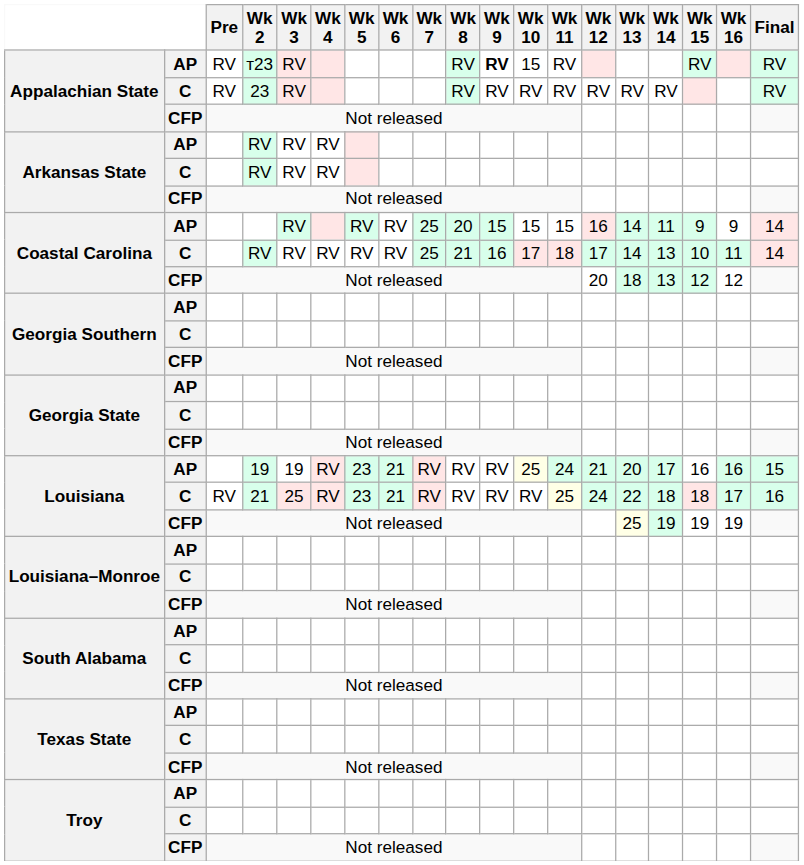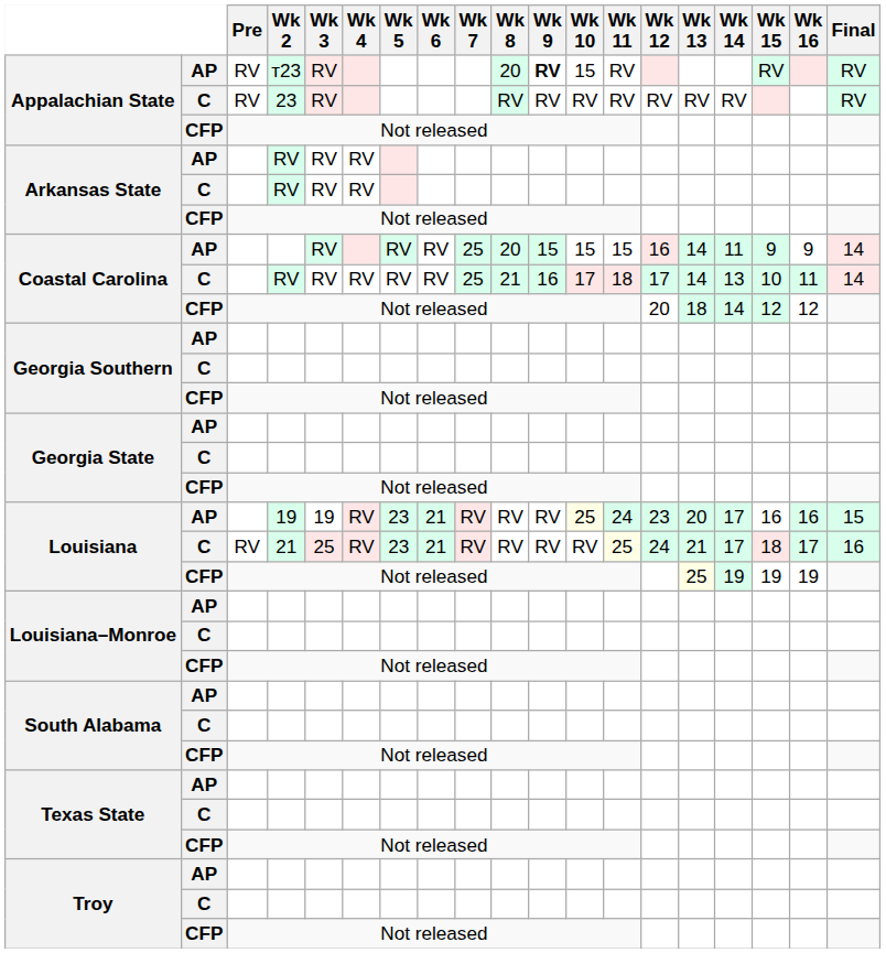 <table class="wikitable" style="white-space:nowrap;font-size:85%;">
 <tr>
 <th colspan=2 style="background:white; border-top-style:hidden; border-left-style:hidden;"> </th>
 <th>Pre</th>
 <th>Wk<br>2</th>
 <th>Wk<br>3</th>
 <th>Wk<br>4</th>
 <th>Wk<br>5</th>
 <th>Wk<br>6</th>
 <th>Wk<br>7</th>
 <th>Wk<br>8</th>
 <th>Wk<br>9</th>
 <th>Wk<br>10</th>
 <th>Wk<br>11</th>
 <th>Wk<br>12</th>
 <th>Wk<br>13</th>
 <th>Wk<br>14</th>
 <th>Wk<br>15</th>
 <th>Wk<br>16</th>
 <th>Final</th>
 </tr>
 <tr style="text-align:center;">
 <th rowspan="3">Appalachian State</th>
 <th>AP</th>
 <td style="background:#FFF;">RV</td>
 <td style="background:#d8ffeb;">т23</td>
 <td style="background:#ffe6e6;">RV</td>
 <td style="background:#ffe6e6;"></td>
 <td style="background:#FFF;"></td>
 <td style="background:#FFF;"></td>
 <td style="background:#FFF;"></td>
-<td style="background:#d8ffeb;">RV</td>
+<td style="background:#d8ffeb;">20</td>
 <td style="background:#FFF;"><strong>RV</strong></td>
 <td style="background:#FFF;">15</td>
 <td style="background:#FFF;">RV</td>
 <td style="background:#ffe6e6;"></td>
 <td style="background:#FFF;"></td>
 <td style="background:#FFF;"></td>
 <td style="background:#d8ffeb;">RV</td>
 <td style="background:#ffe6e6;"></td>
 <td style="background:#d8ffeb;">RV</td>
 </tr>
 <tr style="text-align:center;">
 <th>C</th>
 <td style="background:#FFF;">RV</td>
 <td style="background:#d8ffeb;">23</td>
 <td style="background:#ffe6e6;">RV</td>
 <td style="background:#ffe6e6;"></td>
 <td style="background:#FFF;"></td>
 <td style="background:#FFF;"></td>
 <td style="background:#FFF;"></td>
 <td style="background:#d8ffeb;">RV</td>
 <td style="background:#FFF;">RV</td>
 <td style="background:#FFF;">RV</td>
 <td style="background:#FFF;">RV</td>
 <td style="background:#FFF;">RV</td>
 <td style="background:#FFF;">RV</td>
 <td style="background:#FFF;">RV</td>
 <td style="background:#ffe6e6;"></td>
 <td style="background:#FFF;"></td>
 <td style="background:#d8ffeb;">RV</td>
 </tr>
 <tr style="text-align:center;">
 <th>CFP</th>
 <td colspan="11" style="text-align:center;">Not released</td>
 <td style="background:#FFF;"></td>
 <td style="background:#FFF;"></td>
 <td style="background:#FFF;"></td>
 <td style="background:#FFF;"></td>
 <td style="background:#FFF;"></td>
 <td style="text-align:center;"></td>
 </tr>
 <tr style="text-align:center;">
 <th rowspan="3">Arkansas State</th>
 <th>AP</th>
 <td style="background:#FFF;"></td>
 <td style="background:#d8ffeb;">RV</td>
 <td style="background:#FFF;">RV</td>
 <td style="background:#FFF;">RV</td>
 <td style="background:#ffe6e6;"></td>
 <td style="background:#FFF;"></td>
 <td style="background:#FFF;"></td>
 <td style="background:#FFF;"></td>
 <td style="background:#FFF;"></td>
 <td style="background:#FFF;"></td>
 <td style="background:#FFF;"></td>
 <td style="background:#FFF;"></td>
 <td style="background:#FFF;"></td>
 <td style="background:#FFF;"></td>
 <td style="background:#FFF;"></td>
 <td style="background:#FFF;"></td>
 <td style="background:#FFF;"></td>
 </tr>
 <tr style="text-align:center;">
 <th>C</th>
 <td style="background:#FFF;"></td>
 <td style="background:#d8ffeb;">RV</td>
 <td style="background:#FFF;">RV</td>
 <td style="background:#FFF;">RV</td>
 <td style="background:#ffe6e6;"></td>
 <td style="background:#FFF;"></td>
 <td style="background:#FFF;"></td>
 <td style="background:#FFF;"></td>
 <td style="background:#FFF;"></td>
 <td style="background:#FFF;"></td>
 <td style="background:#FFF;"></td>
 <td style="background:#FFF;"></td>
 <td style="background:#FFF;"></td>
 <td style="background:#FFF;"></td>
 <td style="background:#FFF;"></td>
 <td style="background:#FFF;"></td>
 <td style="background:#FFF;"></td>
 </tr>
 <tr style="text-align:center;">
 <th>CFP</th>
 <td colspan="11" style="text-align:center;">Not released</td>
 <td style="background:#FFF;"></td>
 <td style="background:#FFF;"></td>
 <td style="background:#FFF;"></td>
 <td style="background:#FFF;"></td>
 <td style="background:#FFF;"></td>
 <td style="text-align:center;"></td>
 </tr>
 <tr style="text-align:center;">
 <th rowspan="3">Coastal Carolina</th>
 <th>AP</th>
 <td style="background:#FFF;"></td>
 <td style="background:#FFF;"></td>
 <td style="background:#d8ffeb;">RV</td>
 <td style="background:#ffe6e6;"></td>
 <td style="background:#d8ffeb;">RV</td>
 <td style="background:#FFF;">RV</td>
 <td style="background:#d8ffeb;">25</td>
 <td style="background:#d8ffeb;">20</td>
 <td style="background:#d8ffeb;">15</td>
 <td style="background:#FFF;">15</td>
 <td style="background:#FFF;">15</td>
 <td style="background:#ffe6e6;">16</td>
 <td style="background:#d8ffeb;">14</td>
 <td style="background:#d8ffeb;">11</td>
 <td style="background:#d8ffeb;">9</td>
 <td style="background:#FFF;">9</td>
 <td style="background:#ffe6e6;">14</td>
 </tr>
 <tr style="text-align:center;">
 <th>C</th>
 <td style="background:#FFF;"></td>
 <td style="background:#d8ffeb;">RV</td>
 <td style="background:#FFF;">RV</td>
 <td style="background:#FFF;">RV</td>
 <td style="background:#FFF;">RV</td>
 <td style="background:#FFF;">RV</td>
 <td style="background:#d8ffeb;">25</td>
 <td style="background:#d8ffeb;">21</td>
 <td style="background:#d8ffeb;">16</td>
 <td style="background:#ffe6e6;">17</td>
 <td style="background:#ffe6e6;">18</td>
 <td style="background:#d8ffeb;">17</td>
 <td style="background:#d8ffeb;">14</td>
 <td style="background:#d8ffeb;">13</td>
 <td style="background:#d8ffeb;">10</td>
 <td style="background:#d8ffeb;">11</td>
 <td style="background:#ffe6e6;">14</td>
 </tr>
 <tr style="text-align:center;">
 <th>CFP</th>
 <td colspan="11" style="text-align:center;">Not released</td>
 <td style="background:#FFF;">20</td>
 <td style="background:#d8ffeb;">18</td>
-<td style="background:#d8ffeb;">13</td>
+<td style="background:#d8ffeb;">14</td>
 <td style="background:#d8ffeb;">12</td>
 <td style="background:#FFF;">12</td>
 <td style="text-align:center;"></td>
 </tr>
 <tr style="text-align:center;">
 <th rowspan="3">Georgia Southern</th>
 <th>AP</th>
 <td style="background:#FFF;"></td>
 <td style="background:#FFF;"></td>
 <td style="background:#FFF;"></td>
 <td style="background:#FFF;"></td>
 <td style="background:#FFF;"></td>
 <td style="background:#FFF;"></td>
 <td style="background:#FFF;"></td>
 <td style="background:#FFF;"></td>
 <td style="background:#FFF;"></td>
 <td style="background:#FFF;"></td>
 <td style="background:#FFF;"></td>
 <td style="background:#FFF;"></td>
 <td style="background:#FFF;"></td>
 <td style="background:#FFF;"></td>
 <td style="background:#FFF;"></td>
 <td style="background:#FFF;"></td>
 <td style="background:#FFF;"></td>
 </tr>
 <tr style="text-align:center;">
 <th>C</th>
 <td style="background:#FFF;"></td>
 <td style="background:#FFF;"></td>
 <td style="background:#FFF;"></td>
 <td style="background:#FFF;"></td>
 <td style="background:#FFF;"></td>
 <td style="background:#FFF;"></td>
 <td style="background:#FFF;"></td>
 <td style="background:#FFF;"></td>
 <td style="background:#FFF;"></td>
 <td style="background:#FFF;"></td>
 <td style="background:#FFF;"></td>
 <td style="background:#FFF;"></td>
 <td style="background:#FFF;"></td>
 <td style="background:#FFF;"></td>
 <td style="background:#FFF;"></td>
 <td style="background:#FFF;"></td>
 <td style="background:#FFF;"></td>
 </tr>
 <tr style="text-align:center;">
 <th>CFP</th>
 <td colspan="11" style="text-align:center;">Not released</td>
 <td style="background:#FFF;"></td>
 <td style="background:#FFF;"></td>
 <td style="background:#FFF;"></td>
 <td style="background:#FFF;"></td>
 <td style="background:#FFF;"></td>
 <td style="text-align:center;"></td>
 </tr>
 <tr style="text-align:center;">
 <th rowspan="3">Georgia State</th>
 <th>AP</th>
 <td style="background:#FFF;"></td>
 <td style="background:#FFF;"></td>
 <td style="background:#FFF;"></td>
 <td style="background:#FFF;"></td>
 <td style="background:#FFF;"></td>
 <td style="background:#FFF;"></td>
 <td style="background:#FFF;"></td>
 <td style="background:#FFF;"></td>
 <td style="background:#FFF;"></td>
 <td style="background:#FFF;"></td>
 <td style="background:#FFF;"></td>
 <td style="background:#FFF;"></td>
 <td style="background:#FFF;"></td>
 <td style="background:#FFF;"></td>
 <td style="background:#FFF;"></td>
 <td style="background:#FFF;"></td>
 <td style="background:#FFF;"></td>
 </tr>
 <tr style="text-align:center;">
 <th>C</th>
 <td style="background:#FFF;"></td>
 <td style="background:#FFF;"></td>
 <td style="background:#FFF;"></td>
 <td style="background:#FFF;"></td>
 <td style="background:#FFF;"></td>
 <td style="background:#FFF;"></td>
 <td style="background:#FFF;"></td>
 <td style="background:#FFF;"></td>
 <td style="background:#FFF;"></td>
 <td style="background:#FFF;"></td>
 <td style="background:#FFF;"></td>
 <td style="background:#FFF;"></td>
 <td style="background:#FFF;"></td>
 <td style="background:#FFF;"></td>
 <td style="background:#FFF;"></td>
 <td style="background:#FFF;"></td>
 <td style="background:#FFF;"></td>
 </tr>
 <tr style="text-align:center;">
 <th>CFP</th>
 <td colspan="11" style="text-align:center;">Not released</td>
 <td style="background:#FFF;"></td>
 <td style="background:#FFF;"></td>
 <td style="background:#FFF;"></td>
 <td style="background:#FFF;"></td>
 <td style="background:#FFF;"></td>
 <td style="text-align:center;"></td>
 </tr>
 <tr style="text-align:center;">
 <th rowspan="3">Louisiana</th>
 <th>AP</th>
 <td style="background:#FFF;"></td>
 <td style="background:#d8ffeb;">19</td>
 <td style="background:#FFF;">19</td>
 <td style="background:#ffe6e6;">RV</td>
 <td style="background:#d8ffeb;">23</td>
 <td style="background:#d8ffeb;">21</td>
 <td style="background:#ffe6e6;">RV</td>
 <td style="background:#FFF;">RV</td>
 <td style="background:#FFF;">RV</td>
 <td style="background:#ffffe6;">25</td>
 <td style="background:#d8ffeb;">24</td>
-<td style="background:#d8ffeb;">21</td>
+<td style="background:#d8ffeb;">23</td>
 <td style="background:#d8ffeb;">20</td>
 <td style="background:#d8ffeb;">17</td>
 <td style="background:#FFF;">16</td>
 <td style="background:#d8ffeb;">16</td>
 <td style="background:#d8ffeb;">15</td>
 </tr>
 <tr style="text-align:center;">
 <th>C</th>
 <td style="background:#FFF;">RV</td>
 <td style="background:#d8ffeb;">21</td>
 <td style="background:#ffe6e6;">25</td>
 <td style="background:#ffe6e6;">RV</td>
 <td style="background:#d8ffeb;">23</td>
 <td style="background:#d8ffeb;">21</td>
 <td style="background:#ffe6e6;">RV</td>
 <td style="background:#FFF;">RV</td>
 <td style="background:#FFF;">RV</td>
 <td style="background:#FFF;">RV</td>
 <td style="background:#ffffe6;">25</td>
 <td style="background:#d8ffeb;">24</td>
-<td style="background:#d8ffeb;">22</td>
-<td style="background:#d8ffeb;">18</td>
+<td style="background:#d8ffeb;">21</td>
+<td style="background:#d8ffeb;">17</td>
 <td style="background:#ffe6e6;">18</td>
 <td style="background:#d8ffeb;">17</td>
 <td style="background:#d8ffeb;">16</td>
 </tr>
 <tr style="text-align:center;">
 <th>CFP</th>
 <td colspan="11" style="text-align:center;">Not released</td>
 <td style="background:#FFF;"></td>
 <td style="background:#ffffe6;">25</td>
 <td style="background:#d8ffeb;">19</td>
 <td style="background:#FFF;">19</td>
 <td style="background:#FFF;">19</td>
 <td style="text-align:center;"></td>
 </tr>
 <tr style="text-align:center;">
 <th rowspan="3">Louisiana–Monroe</th>
 <th>AP</th>
 <td style="background:#FFF;"></td>
 <td style="background:#FFF;"></td>
 <td style="background:#FFF;"></td>
 <td style="background:#FFF;"></td>
 <td style="background:#FFF;"></td>
 <td style="background:#FFF;"></td>
 <td style="background:#FFF;"></td>
 <td style="background:#FFF;"></td>
 <td style="background:#FFF;"></td>
 <td style="background:#FFF;"></td>
 <td style="background:#FFF;"></td>
 <td style="background:#FFF;"></td>
 <td style="background:#FFF;"></td>
 <td style="background:#FFF;"></td>
 <td style="background:#FFF;"></td>
 <td style="background:#FFF;"></td>
 <td style="background:#FFF;"></td>
 </tr>
 <tr style="text-align:center;">
 <th>C</th>
 <td style="background:#FFF;"></td>
 <td style="background:#FFF;"></td>
 <td style="background:#FFF;"></td>
 <td style="background:#FFF;"></td>
 <td style="background:#FFF;"></td>
 <td style="background:#FFF;"></td>
 <td style="background:#FFF;"></td>
 <td style="background:#FFF;"></td>
 <td style="background:#FFF;"></td>
 <td style="background:#FFF;"></td>
 <td style="background:#FFF;"></td>
 <td style="background:#FFF;"></td>
 <td style="background:#FFF;"></td>
 <td style="background:#FFF;"></td>
 <td style="background:#FFF;"></td>
 <td style="background:#FFF;"></td>
 <td style="background:#FFF;"></td>
 </tr>
 <tr style="text-align:center;">
 <th>CFP</th>
 <td colspan="11" style="text-align:center;">Not released</td>
 <td style="background:#FFF;"></td>
 <td style="background:#FFF;"></td>
 <td style="background:#FFF;"></td>
 <td style="background:#FFF;"></td>
 <td style="background:#FFF;"></td>
 <td style="text-align:center;"></td>
 </tr>
 <tr style="text-align:center;">
 <th rowspan="3">South Alabama</th>
 <th>AP</th>
 <td style="background:#FFF;"></td>
 <td style="background:#FFF;"></td>
 <td style="background:#FFF;"></td>
 <td style="background:#FFF;"></td>
 <td style="background:#FFF;"></td>
 <td style="background:#FFF;"></td>
 <td style="background:#FFF;"></td>
 <td style="background:#FFF;"></td>
 <td style="background:#FFF;"></td>
 <td style="background:#FFF;"></td>
 <td style="background:#FFF;"></td>
 <td style="background:#FFF;"></td>
 <td style="background:#FFF;"></td>
 <td style="background:#FFF;"></td>
 <td style="background:#FFF;"></td>
 <td style="background:#FFF;"></td>
 <td style="background:#FFF;"></td>
 </tr>
 <tr style="text-align:center;">
 <th>C</th>
 <td style="background:#FFF;"></td>
 <td style="background:#FFF;"></td>
 <td style="background:#FFF;"></td>
 <td style="background:#FFF;"></td>
 <td style="background:#FFF;"></td>
 <td style="background:#FFF;"></td>
 <td style="background:#FFF;"></td>
 <td style="background:#FFF;"></td>
 <td style="background:#FFF;"></td>
 <td style="background:#FFF;"></td>
 <td style="background:#FFF;"></td>
 <td style="background:#FFF;"></td>
 <td style="background:#FFF;"></td>
 <td style="background:#FFF;"></td>
 <td style="background:#FFF;"></td>
 <td style="background:#FFF;"></td>
 <td style="background:#FFF;"></td>
 </tr>
 <tr style="text-align:center;">
 <th>CFP</th>
 <td colspan="11" style="text-align:center;">Not released</td>
 <td style="background:#FFF;"></td>
 <td style="background:#FFF;"></td>
 <td style="background:#FFF;"></td>
 <td style="background:#FFF;"></td>
 <td style="background:#FFF;"></td>
 <td style="text-align:center;"></td>
 </tr>
 <tr style="text-align:center;">
 <th rowspan="3">Texas State</th>
 <th>AP</th>
 <td style="background:#FFF;"></td>
 <td style="background:#FFF;"></td>
 <td style="background:#FFF;"></td>
 <td style="background:#FFF;"></td>
 <td style="background:#FFF;"></td>
 <td style="background:#FFF;"></td>
 <td style="background:#FFF;"></td>
 <td style="background:#FFF;"></td>
 <td style="background:#FFF;"></td>
 <td style="background:#FFF;"></td>
 <td style="background:#FFF;"></td>
 <td style="background:#FFF;"></td>
 <td style="background:#FFF;"></td>
 <td style="background:#FFF;"></td>
 <td style="background:#FFF;"></td>
 <td style="background:#FFF;"></td>
 <td style="background:#FFF;"></td>
 </tr>
 <tr style="text-align:center;">
 <th>C</th>
 <td style="background:#FFF;"></td>
 <td style="background:#FFF;"></td>
 <td style="background:#FFF;"></td>
 <td style="background:#FFF;"></td>
 <td style="background:#FFF;"></td>
 <td style="background:#FFF;"></td>
 <td style="background:#FFF;"></td>
 <td style="background:#FFF;"></td>
 <td style="background:#FFF;"></td>
 <td style="background:#FFF;"></td>
 <td style="background:#FFF;"></td>
 <td style="background:#FFF;"></td>
 <td style="background:#FFF;"></td>
 <td style="background:#FFF;"></td>
 <td style="background:#FFF;"></td>
 <td style="background:#FFF;"></td>
 <td style="background:#FFF;"></td>
 </tr>
 <tr style="text-align:center;">
 <th>CFP</th>
 <td colspan="11" style="text-align:center;">Not released</td>
 <td style="background:#FFF;"></td>
 <td style="background:#FFF;"></td>
 <td style="background:#FFF;"></td>
 <td style="background:#FFF;"></td>
 <td style="background:#FFF;"></td>
 <td style="text-align:center;"></td>
 </tr>
 <tr style="text-align:center;">
 <th rowspan="3">Troy</th>
 <th>AP</th>
 <td style="background:#FFF;"></td>
 <td style="background:#FFF;"></td>
 <td style="background:#FFF;"></td>
 <td style="background:#FFF;"></td>
 <td style="background:#FFF;"></td>
 <td style="background:#FFF;"></td>
 <td style="background:#FFF;"></td>
 <td style="background:#FFF;"></td>
 <td style="background:#FFF;"></td>
 <td style="background:#FFF;"></td>
 <td style="background:#FFF;"></td>
 <td style="background:#FFF;"></td>
 <td style="background:#FFF;"></td>
 <td style="background:#FFF;"></td>
 <td style="background:#FFF;"></td>
 <td style="background:#FFF;"></td>
 <td style="background:#FFF;"></td>
 </tr>
 <tr style="text-align:center;">
 <th>C</th>
 <td style="background:#FFF;"></td>
 <td style="background:#FFF;"></td>
 <td style="background:#FFF;"></td>
 <td style="background:#FFF;"></td>
 <td style="background:#FFF;"></td>
 <td style="background:#FFF;"></td>
 <td style="background:#FFF;"></td>
 <td style="background:#FFF;"></td>
 <td style="background:#FFF;"></td>
 <td style="background:#FFF;"></td>
 <td style="background:#FFF;"></td>
 <td style="background:#FFF;"></td>
 <td style="background:#FFF;"></td>
 <td style="background:#FFF;"></td>
 <td style="background:#FFF;"></td>
 <td style="background:#FFF;"></td>
 <td style="background:#FFF;"></td>
 </tr>
 <tr style="text-align:center;">
 <th>CFP</th>
 <td colspan="11" style="text-align:center;">Not released</td>
 <td style="background:#FFF;"></td>
 <td style="background:#FFF;"></td>
 <td style="background:#FFF;"></td>
 <td style="background:#FFF;"></td>
 <td style="background:#FFF;"></td>
 <td style="text-align:center;"></td>
 </tr>
 <tr style="text-align:center;">
 </tr>
 </table>
